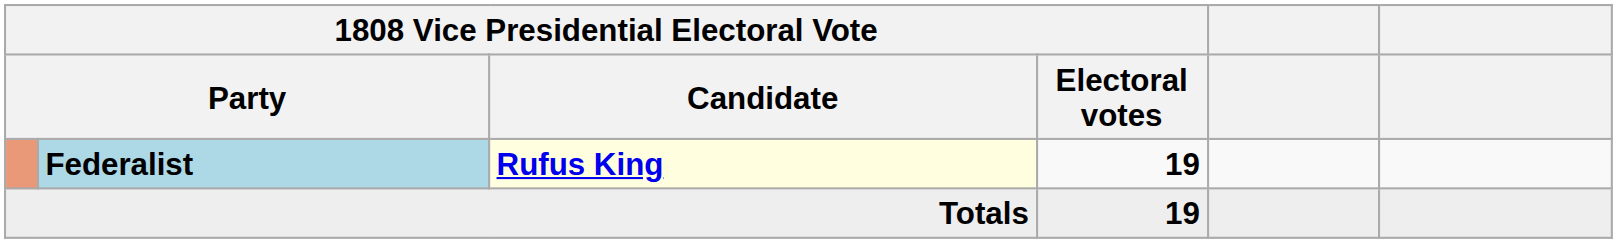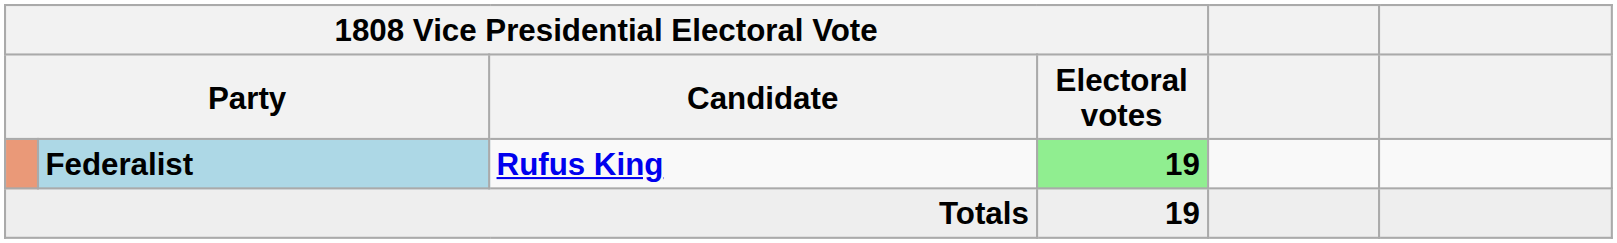 <table class="wikitable" style="font-size: 95%;">
 <tr>
 <th colspan="4">1808 Vice Presidential Electoral Vote</th>
 <th></th>
 <th></th>
 </tr>
 <tr>
 <th colspan="2" style="width: 15em">Party</th>
 <th style="width: 17em">Candidate</th>
 <th style="width: 5em">Electoral votes</th>
 <th style="width: 5em"></th>
 <th style="width: 7em"></th>
 </tr>
 <tr>
 <th style="background-color:#EA9978; width: 3px"></th>
 <td style="background: lightblue; width: 130px"><strong>Federalist</strong></td>
-<td style="background: lightyellow;"><strong><a href='#'>Rufus King</a></strong></td>
-<td align="right"><strong>19</strong></td>
+<td><strong><a href='#'>Rufus King</a></strong></td>
+<td align="right" style="background: lightgreen;"><strong>19</strong></td>
 <td align="right"></td>
 <td align="right"></td>
 </tr>
 <tr bgcolor="#EEEEEE">
 <td colspan="3" align="right"><strong>Totals</strong></td>
 <td align="right"><strong>19</strong></td>
 <td align="right"></td>
 <td align="right"></td>
 </tr>
 </table>
